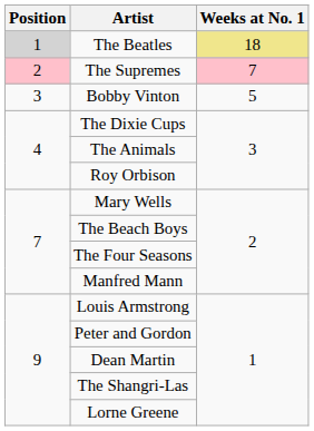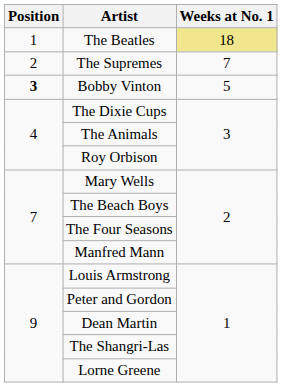 <table class="wikitable plainrowheaders" style="text-align:center;">
 <tr>
 <th>Position</th>
 <th>Artist</th>
 <th>Weeks at No. 1</th>
 </tr>
 <tr>
-<td style="background: lightgrey;">1</td>
+<td>1</td>
 <td>The Beatles</td>
 <td style="background: khaki;">18</td>
 </tr>
 <tr>
-<td style="background: pink;">2</td>
+<td>2</td>
 <td>The Supremes</td>
-<td style="background: pink;">7</td>
+<td>7</td>
 </tr>
 <tr>
-<td>3</td>
+<td><strong>3</strong></td>
 <td>Bobby Vinton</td>
 <td>5</td>
 </tr>
 <tr>
 <td rowspan=3>4</td>
 <td>The Dixie Cups</td>
 <td rowspan=3>3</td>
 </tr>
 <tr>
 <td>The Animals</td>
 </tr>
 <tr>
 <td>Roy Orbison</td>
 </tr>
 <tr>
 <td rowspan=4>7</td>
 <td>Mary Wells</td>
 <td rowspan=4>2</td>
 </tr>
 <tr>
 <td>The Beach Boys</td>
 </tr>
 <tr>
 <td>The Four Seasons</td>
 </tr>
 <tr>
 <td>Manfred Mann</td>
 </tr>
 <tr>
 <td rowspan=5>9</td>
 <td>Louis Armstrong</td>
 <td rowspan=5>1</td>
 </tr>
 <tr>
 <td>Peter and Gordon</td>
 </tr>
 <tr>
 <td>Dean Martin</td>
 </tr>
 <tr>
 <td>The Shangri-Las</td>
 </tr>
 <tr>
 <td>Lorne Greene</td>
 </tr>
 </table>
